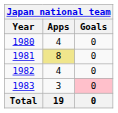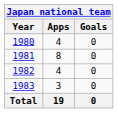 <table class="wikitable" style="text-align:center">
 <tr>
 <th colspan=3><a href='#'>Japan national team</a></th>
 </tr>
 <tr>
 <th>Year</th>
 <th>Apps</th>
 <th>Goals</th>
 </tr>
 <tr>
 <td><a href='#'>1980</a></td>
 <td>4</td>
 <td>0</td>
 </tr>
 <tr>
 <td><a href='#'>1981</a></td>
-<td style="background: khaki;">8</td>
+<td>8</td>
 <td>0</td>
 </tr>
 <tr>
 <td><a href='#'>1982</a></td>
 <td>4</td>
 <td>0</td>
 </tr>
 <tr>
 <td><a href='#'>1983</a></td>
 <td>3</td>
-<td style="background: pink;">0</td>
+<td>0</td>
 </tr>
 <tr>
 <th>Total</th>
 <th>19</th>
 <th>0</th>
 </tr>
 </table>
